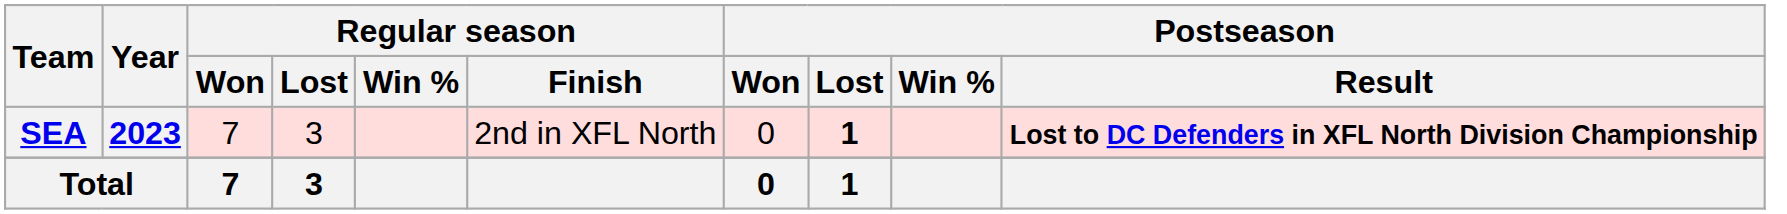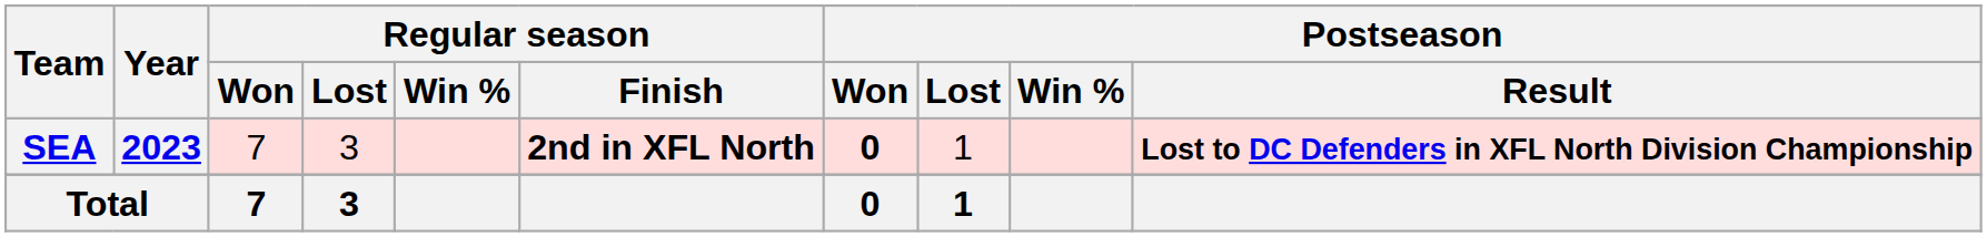 <table class="wikitable" style="font-size: 95%; text-align:center;">
 <tr>
 <th rowspan="2">Team</th>
 <th rowspan="2">Year</th>
 <th colspan="4">Regular season</th>
 <th colspan="4">Postseason</th>
 </tr>
 <tr>
 <th>Won</th>
 <th>Lost</th>
 <th>Win %</th>
 <th>Finish</th>
 <th>Won</th>
 <th>Lost</th>
 <th>Win %</th>
 <th>Result</th>
 </tr>
 <tr ! style="background:#fdd;">
 <th><a href='#'>SEA</a></th>
 <th><a href='#'>2023</a></th>
 <td>7</td>
 <td>3</td>
 <td></td>
-<td>2nd in XFL North</td>
-<td>0</td>
-<td><strong>1</strong></td>
+<td><strong>2nd in XFL North</strong></td>
+<td><strong>0</strong></td>
+<td>1</td>
 <td></td>
 <td><small><strong>Lost to <a href='#'>DC Defenders</a> in XFL North Division Championship</strong></small></td>
 </tr>
 <tr>
 </tr>
 <tr>
 <th colspan="2">Total</th>
 <th>7</th>
 <th>3</th>
 <th></th>
 <th></th>
 <th>0</th>
 <th>1</th>
 <th></th>
 <th></th>
 </tr>
 </table>
